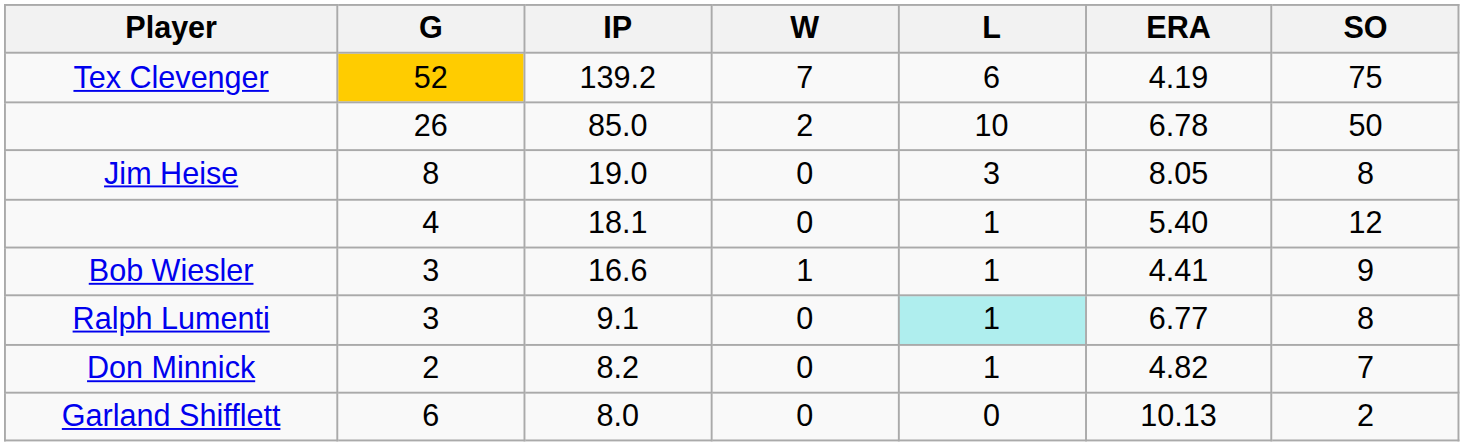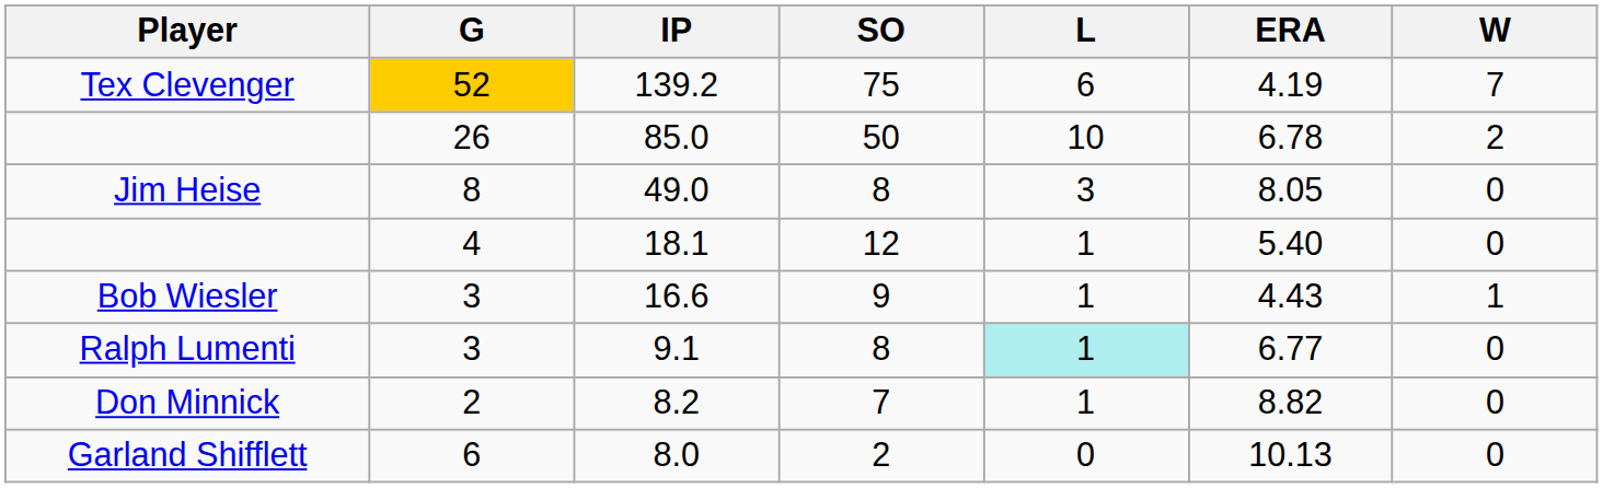 <table class="wikitable sortable">
 <tr>
 <th bgcolor="#DDDDFF" width="16%">Player</th>
 <th bgcolor="#DDDDFF" width="9%">G</th>
 <th bgcolor="#DDDDFF" width="9%">IP</th>
-<th bgcolor="#DDDDFF" width="9%">W</th>
+<th bgcolor="#DDDDFF" width="9%">SO</th>
 <th bgcolor="#DDDDFF" width="9%">L</th>
 <th bgcolor="#DDDDFF" width="9%">ERA</th>
-<th bgcolor="#DDDDFF" width="9%">SO</th>
+<th bgcolor="#DDDDFF" width="9%">W</th>
 </tr>
 <tr align="center">
 <td><a href='#'>Tex Clevenger</a></td>
 <td style="background:#fc0;">52</td>
 <td>139.2</td>
-<td>7</td>
+<td>75</td>
 <td>6</td>
 <td>4.19</td>
-<td>75</td>
+<td>7</td>
 </tr>
 <tr align="center">
 <td></td>
 <td>26</td>
 <td>85.0</td>
-<td>2</td>
+<td>50</td>
 <td>10</td>
 <td>6.78</td>
-<td>50</td>
+<td>2</td>
 </tr>
 <tr align="center">
 <td><a href='#'>Jim Heise</a></td>
 <td>8</td>
-<td>19.0</td>
-<td>0</td>
+<td>49.0</td>
+<td>8</td>
 <td>3</td>
 <td>8.05</td>
-<td>8</td>
+<td>0</td>
 </tr>
 <tr align="center">
 <td></td>
 <td>4</td>
 <td>18.1</td>
-<td>0</td>
+<td>12</td>
 <td>1</td>
 <td>5.40</td>
-<td>12</td>
+<td>0</td>
 </tr>
 <tr align="center">
 <td><a href='#'>Bob Wiesler</a></td>
 <td>3</td>
 <td>16.6</td>
+<td>9</td>
 <td>1</td>
+<td>4.43</td>
 <td>1</td>
-<td>4.41</td>
-<td>9</td>
 </tr>
 <tr align="center">
 <td><a href='#'>Ralph Lumenti</a></td>
 <td>3</td>
 <td>9.1</td>
-<td>0</td>
+<td>8</td>
 <td style="background: paleturquoise;">1</td>
 <td>6.77</td>
-<td>8</td>
+<td>0</td>
 </tr>
 <tr align="center">
 <td><a href='#'>Don Minnick</a></td>
 <td>2</td>
 <td>8.2</td>
+<td>7</td>
+<td>1</td>
+<td>8.82</td>
 <td>0</td>
-<td>1</td>
-<td>4.82</td>
-<td>7</td>
 </tr>
 <tr align="center">
 <td><a href='#'>Garland Shifflett</a></td>
 <td>6</td>
 <td>8.0</td>
-<td>0</td>
+<td>2</td>
 <td>0</td>
 <td>10.13</td>
-<td>2</td>
+<td>0</td>
 </tr>
 </table>
